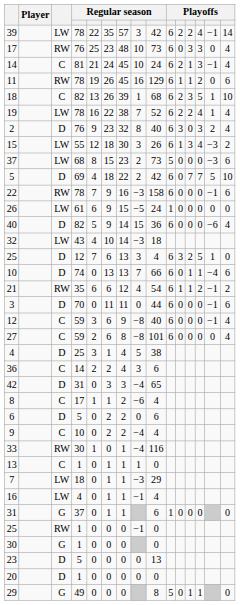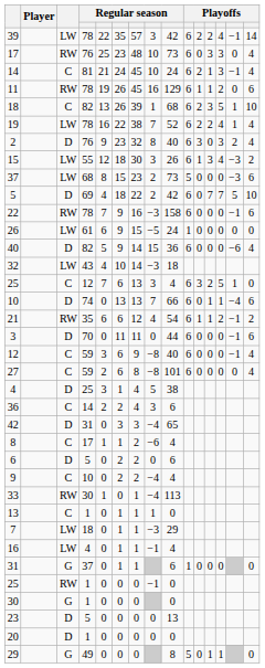 <table class="wikitable sortable plainrowheaders" style="text-align:center;">
 <tr>
 <th scope="col" data-sort-type="number" rowspan="2"></th>
 <th scope="col" rowspan="2">Player</th>
 <th scope="col" rowspan="2"></th>
 <th scope=colgroup colspan=6>Regular season</th>
 <th scope=colgroup colspan=6>Playoffs</th>
 </tr>
 <tr>
 <th scope="col" data-sort-type="number"></th>
 <th scope="col" data-sort-type="number"></th>
 <th scope="col" data-sort-type="number"></th>
 <th scope="col" data-sort-type="number"></th>
 <th scope="col" data-sort-type="number"></th>
 <th scope="col" data-sort-type="number"></th>
 <th scope="col" data-sort-type="number"></th>
 <th scope="col" data-sort-type="number"></th>
 <th scope="col" data-sort-type="number"></th>
 <th scope="col" data-sort-type="number"></th>
 <th scope="col" data-sort-type="number"></th>
 <th scope="col" data-sort-type="number"></th>
 </tr>
 <tr>
 <td scope="row">39</td>
 <td align="left"></td>
 <td>LW</td>
 <td>78</td>
 <td>22</td>
 <td>35</td>
 <td>57</td>
 <td>3</td>
 <td>42</td>
 <td>6</td>
 <td>2</td>
 <td>2</td>
 <td>4</td>
 <td>−1</td>
 <td>14</td>
 </tr>
 <tr>
 <td scope="row">17</td>
 <td align="left"></td>
 <td>RW</td>
 <td>76</td>
 <td>25</td>
 <td>23</td>
 <td>48</td>
 <td>10</td>
 <td>73</td>
 <td>6</td>
 <td>0</td>
 <td>3</td>
 <td>3</td>
 <td>0</td>
 <td>4</td>
 </tr>
 <tr>
 <td scope="row">14</td>
 <td align="left"></td>
 <td>C</td>
 <td>81</td>
 <td>21</td>
 <td>24</td>
 <td>45</td>
 <td>10</td>
 <td>24</td>
 <td>6</td>
 <td>2</td>
 <td>1</td>
 <td>3</td>
 <td>−1</td>
 <td>4</td>
 </tr>
 <tr>
 <td scope="row">11</td>
 <td align="left"></td>
 <td>RW</td>
 <td>78</td>
 <td>19</td>
 <td>26</td>
 <td>45</td>
 <td>16</td>
 <td>129</td>
 <td>6</td>
 <td>1</td>
 <td>1</td>
 <td>2</td>
 <td>0</td>
 <td>6</td>
 </tr>
 <tr>
 <td scope="row">18</td>
 <td align="left"></td>
 <td>C</td>
 <td>82</td>
 <td>13</td>
 <td>26</td>
 <td>39</td>
 <td>1</td>
 <td>68</td>
 <td>6</td>
 <td>2</td>
 <td>3</td>
 <td>5</td>
 <td>1</td>
 <td>10</td>
 </tr>
 <tr>
 <td scope="row">19</td>
 <td align="left"></td>
 <td>LW</td>
 <td>78</td>
 <td>16</td>
 <td>22</td>
 <td>38</td>
 <td>7</td>
 <td>52</td>
 <td>6</td>
 <td>2</td>
 <td>2</td>
 <td>4</td>
 <td>1</td>
 <td>4</td>
 </tr>
 <tr>
 <td scope="row">2</td>
 <td align="left"></td>
 <td>D</td>
 <td>76</td>
 <td>9</td>
 <td>23</td>
 <td>32</td>
 <td>8</td>
 <td>40</td>
 <td>6</td>
 <td>3</td>
 <td>0</td>
 <td>3</td>
 <td>2</td>
 <td>4</td>
 </tr>
 <tr>
 <td scope="row">15</td>
 <td align="left"></td>
 <td>LW</td>
 <td>55</td>
 <td>12</td>
 <td>18</td>
 <td>30</td>
 <td>3</td>
 <td>26</td>
 <td>6</td>
 <td>1</td>
 <td>3</td>
 <td>4</td>
 <td>−3</td>
 <td>2</td>
 </tr>
 <tr>
 <td scope="row">37</td>
 <td align="left"></td>
 <td>LW</td>
 <td>68</td>
 <td>8</td>
 <td>15</td>
 <td>23</td>
 <td>2</td>
 <td>73</td>
 <td>5</td>
 <td>0</td>
 <td>0</td>
 <td>0</td>
 <td>−3</td>
 <td>6</td>
 </tr>
 <tr>
 <td scope="row">5</td>
 <td align="left"></td>
 <td>D</td>
 <td>69</td>
 <td>4</td>
 <td>18</td>
 <td>22</td>
 <td>2</td>
 <td>42</td>
 <td>6</td>
 <td>0</td>
 <td>7</td>
 <td>7</td>
 <td>5</td>
 <td>10</td>
 </tr>
 <tr>
 <td scope="row">22</td>
 <td align="left"></td>
 <td>RW</td>
 <td>78</td>
 <td>7</td>
 <td>9</td>
 <td>16</td>
 <td>−3</td>
 <td>158</td>
 <td>6</td>
 <td>0</td>
 <td>0</td>
 <td>0</td>
 <td>−1</td>
 <td>6</td>
 </tr>
 <tr>
 <td scope="row">26</td>
 <td align="left"></td>
 <td>LW</td>
 <td>61</td>
 <td>6</td>
 <td>9</td>
 <td>15</td>
 <td>−5</td>
 <td>24</td>
 <td>1</td>
 <td>0</td>
 <td>0</td>
 <td>0</td>
 <td>0</td>
 <td>0</td>
 </tr>
 <tr>
 <td scope="row">40</td>
 <td align="left"></td>
 <td>D</td>
 <td>82</td>
 <td>5</td>
 <td>9</td>
 <td>14</td>
 <td>15</td>
 <td>36</td>
 <td>6</td>
 <td>0</td>
 <td>0</td>
 <td>0</td>
 <td>−6</td>
 <td>4</td>
 </tr>
 <tr>
 <td scope="row">32</td>
 <td align="left"></td>
 <td>LW</td>
 <td>43</td>
 <td>4</td>
 <td>10</td>
 <td>14</td>
 <td>−3</td>
 <td>18</td>
 <td></td>
 <td></td>
 <td></td>
 <td></td>
 <td></td>
 <td></td>
 </tr>
 <tr>
 <td scope="row">25</td>
 <td align="left"></td>
-<td>D</td>
+<td>C</td>
 <td>12</td>
 <td>7</td>
 <td>6</td>
 <td>13</td>
 <td>3</td>
 <td>4</td>
 <td>6</td>
 <td>3</td>
 <td>2</td>
 <td>5</td>
 <td>1</td>
 <td>0</td>
 </tr>
 <tr>
 <td scope="row">10</td>
 <td align="left"></td>
 <td>D</td>
 <td>74</td>
 <td>0</td>
 <td>13</td>
 <td>13</td>
 <td>7</td>
 <td>66</td>
 <td>6</td>
 <td>0</td>
 <td>1</td>
 <td>1</td>
 <td>−4</td>
 <td>6</td>
 </tr>
 <tr>
 <td scope="row">21</td>
 <td align="left"></td>
 <td>RW</td>
 <td>35</td>
 <td>6</td>
 <td>6</td>
 <td>12</td>
 <td>4</td>
 <td>54</td>
 <td>6</td>
 <td>1</td>
 <td>1</td>
 <td>2</td>
 <td>−1</td>
 <td>2</td>
 </tr>
 <tr>
 <td scope="row">3</td>
 <td align="left"></td>
 <td>D</td>
 <td>70</td>
 <td>0</td>
 <td>11</td>
 <td>11</td>
 <td>0</td>
 <td>44</td>
 <td>6</td>
 <td>0</td>
 <td>0</td>
 <td>0</td>
 <td>−1</td>
 <td>6</td>
 </tr>
 <tr>
 <td scope="row">12</td>
 <td align="left"></td>
 <td>C</td>
 <td>59</td>
 <td>3</td>
 <td>6</td>
 <td>9</td>
 <td>−8</td>
 <td>40</td>
 <td>6</td>
 <td>0</td>
 <td>0</td>
 <td>0</td>
 <td>−1</td>
 <td>4</td>
 </tr>
 <tr>
 <td scope="row">27</td>
 <td align="left"></td>
 <td>C</td>
 <td>59</td>
 <td>2</td>
 <td>6</td>
 <td>8</td>
 <td>−8</td>
 <td>101</td>
 <td>6</td>
 <td>0</td>
 <td>0</td>
 <td>0</td>
 <td>0</td>
 <td>4</td>
 </tr>
 <tr>
 <td scope="row">4</td>
 <td align="left"></td>
 <td>D</td>
 <td>25</td>
 <td>3</td>
 <td>1</td>
 <td>4</td>
 <td>5</td>
 <td>38</td>
 <td></td>
 <td></td>
 <td></td>
 <td></td>
 <td></td>
 <td></td>
 </tr>
 <tr>
 <td scope="row">36</td>
 <td align="left"></td>
 <td>C</td>
 <td>14</td>
 <td>2</td>
 <td>2</td>
 <td>4</td>
 <td>3</td>
 <td>6</td>
 <td></td>
 <td></td>
 <td></td>
 <td></td>
 <td></td>
 <td></td>
 </tr>
 <tr>
 <td scope="row">42</td>
 <td align="left"></td>
 <td>D</td>
 <td>31</td>
 <td>0</td>
 <td>3</td>
 <td>3</td>
 <td>−4</td>
 <td>65</td>
 <td></td>
 <td></td>
 <td></td>
 <td></td>
 <td></td>
 <td></td>
 </tr>
 <tr>
 <td scope="row">8</td>
 <td align="left"></td>
 <td>C</td>
 <td>17</td>
 <td>1</td>
 <td>1</td>
 <td>2</td>
 <td>−6</td>
 <td>4</td>
 <td></td>
 <td></td>
 <td></td>
 <td></td>
 <td></td>
 <td></td>
 </tr>
 <tr>
 <td scope="row">6</td>
 <td align="left"></td>
 <td>D</td>
 <td>5</td>
 <td>0</td>
 <td>2</td>
 <td>2</td>
 <td>0</td>
 <td>6</td>
 <td></td>
 <td></td>
 <td></td>
 <td></td>
 <td></td>
 <td></td>
 </tr>
 <tr>
 <td scope="row">9</td>
 <td align="left"></td>
 <td>C</td>
 <td>10</td>
 <td>0</td>
 <td>2</td>
 <td>2</td>
 <td>−4</td>
 <td>4</td>
 <td></td>
 <td></td>
 <td></td>
 <td></td>
 <td></td>
 <td></td>
 </tr>
 <tr>
 <td scope="row">33</td>
 <td align="left"></td>
 <td>RW</td>
 <td>30</td>
 <td>1</td>
 <td>0</td>
 <td>1</td>
 <td>−4</td>
-<td>116</td>
+<td>113</td>
 <td></td>
 <td></td>
 <td></td>
 <td></td>
 <td></td>
 <td></td>
 </tr>
 <tr>
 <td scope="row">13</td>
 <td align="left"></td>
 <td>C</td>
 <td>1</td>
 <td>0</td>
 <td>1</td>
 <td>1</td>
 <td>1</td>
 <td>0</td>
 <td></td>
 <td></td>
 <td></td>
 <td></td>
 <td></td>
 <td></td>
 </tr>
 <tr>
 <td scope="row">7</td>
 <td align="left"></td>
 <td>LW</td>
 <td>18</td>
 <td>0</td>
 <td>1</td>
 <td>1</td>
 <td>−3</td>
 <td>29</td>
 <td></td>
 <td></td>
 <td></td>
 <td></td>
 <td></td>
 <td></td>
 </tr>
 <tr>
 <td scope="row">16</td>
 <td align="left"></td>
 <td>LW</td>
 <td>4</td>
 <td>0</td>
 <td>1</td>
 <td>1</td>
 <td>−1</td>
 <td>4</td>
 <td></td>
 <td></td>
 <td></td>
 <td></td>
 <td></td>
 <td></td>
 </tr>
 <tr>
 <td scope="row">31</td>
 <td align="left"></td>
 <td>G</td>
 <td>37</td>
 <td>0</td>
 <td>1</td>
 <td>1</td>
 <td style="background:#ccc"></td>
 <td>6</td>
 <td>1</td>
 <td>0</td>
 <td>0</td>
 <td>0</td>
 <td style="background:#ccc"></td>
 <td>0</td>
 </tr>
 <tr>
 <td scope="row">25</td>
 <td align="left"></td>
 <td>RW</td>
 <td>1</td>
 <td>0</td>
 <td>0</td>
 <td>0</td>
 <td>−1</td>
 <td>0</td>
 <td></td>
 <td></td>
 <td></td>
 <td></td>
 <td></td>
 <td></td>
 </tr>
 <tr>
 <td scope="row">30</td>
 <td align="left"></td>
 <td>G</td>
 <td>1</td>
 <td>0</td>
 <td>0</td>
 <td>0</td>
 <td style="background:#ccc"></td>
 <td>0</td>
 <td></td>
 <td></td>
 <td></td>
 <td></td>
 <td></td>
 <td></td>
 </tr>
 <tr>
 <td scope="row">23</td>
 <td align="left"></td>
 <td>D</td>
 <td>5</td>
 <td>0</td>
 <td>0</td>
 <td>0</td>
 <td>0</td>
 <td>13</td>
 <td></td>
 <td></td>
 <td></td>
 <td></td>
 <td></td>
 <td></td>
 </tr>
 <tr>
 <td scope="row">20</td>
 <td align="left"></td>
 <td>D</td>
 <td>1</td>
 <td>0</td>
 <td>0</td>
 <td>0</td>
 <td>0</td>
 <td>0</td>
 <td></td>
 <td></td>
 <td></td>
 <td></td>
 <td></td>
 <td></td>
 </tr>
 <tr>
 <td scope="row">29</td>
 <td align="left"></td>
 <td>G</td>
 <td>49</td>
 <td>0</td>
 <td>0</td>
 <td>0</td>
 <td style="background:#ccc"></td>
 <td>8</td>
 <td>5</td>
 <td>0</td>
 <td>1</td>
 <td>1</td>
 <td style="background:#ccc"></td>
 <td>0</td>
 </tr>
 </table>
